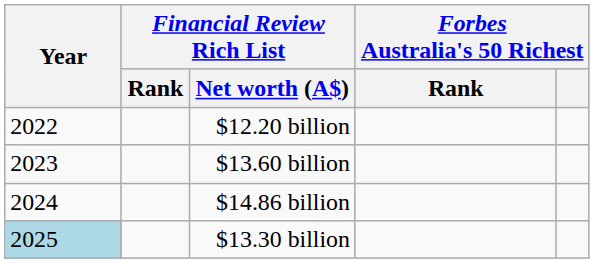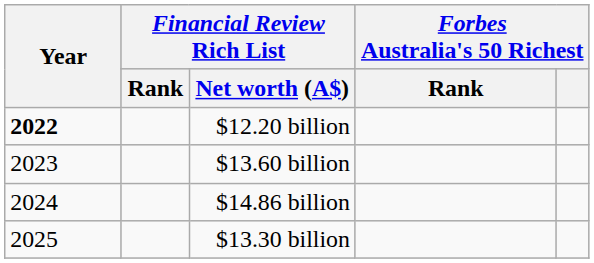 <table class="wikitable">
 <tr>
 <th rowspan=2>Year</th>
 <th colspan=2 width=40%><em><a href='#'>Financial Review</a></em><br><a href='#'>Rich List</a></th>
 <th colspan=2 width=40%><em><a href='#'>Forbes</a></em><br><a href='#'>Australia's 50 Richest</a></th>
 </tr>
 <tr>
 <th>Rank</th>
 <th><a href='#'>Net worth</a> (<a href='#'>A$</a>)</th>
 <th>Rank</th>
 <th></th>
 </tr>
 <tr>
-<td>2022</td>
+<td><strong>2022</strong></td>
 <td align="center"></td>
 <td align="right">$12.20 billion </td>
 <td align="center"></td>
 <td align="right"></td>
 </tr>
 <tr>
 <td>2023</td>
 <td align="center"></td>
 <td align="right">$13.60 billion </td>
 <td align="center"></td>
 <td align="right"></td>
 </tr>
 <tr>
 <td>2024</td>
 <td align="center"></td>
 <td align="right">$14.86 billion </td>
 <td align="center"></td>
 <td align="right"></td>
 </tr>
 <tr>
-<td style="background: lightblue;">2025</td>
+<td>2025</td>
 <td align="center"></td>
 <td align="right">$13.30 billion </td>
 <td align="center"></td>
 <td align="right"></td>
 </tr>
 </table>
